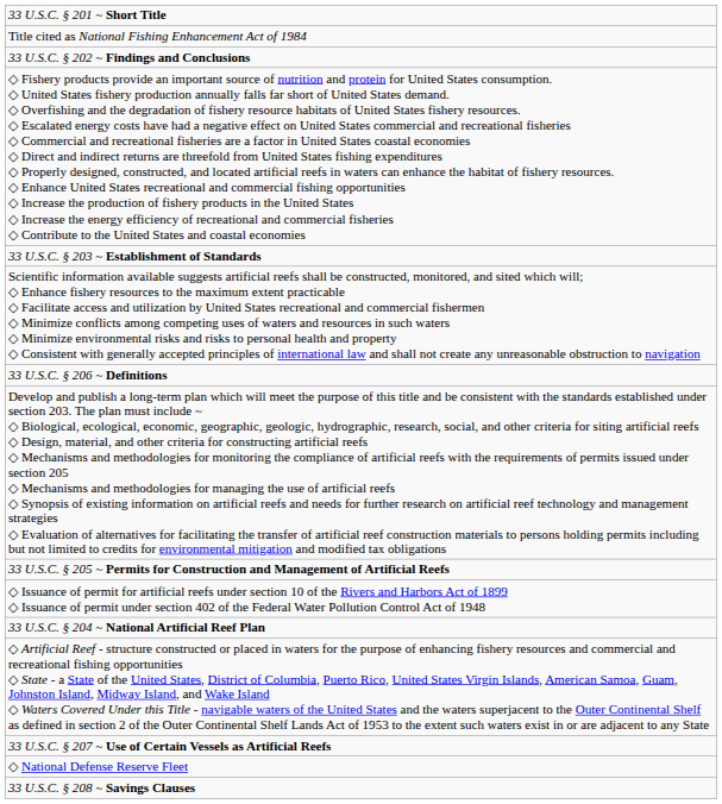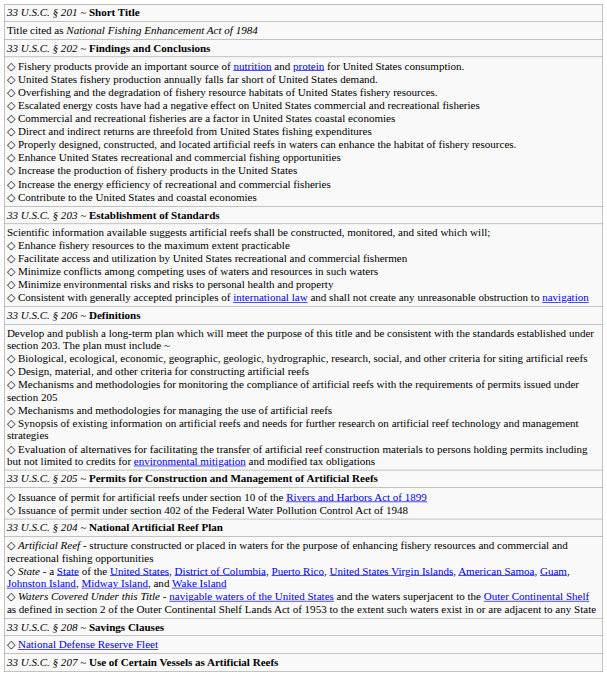 <table class="wikitable">
 <tr>
 <td valign="top"><em>33 U.S.C. § 201 ~</em> <strong>Short Title</strong></td>
 </tr>
 <tr>
 <td>Title cited as <em>National Fishing Enhancement Act of 1984</em></td>
 </tr>
 <tr>
 <td valign="top"><em>33 U.S.C. § 202 ~</em> <strong>Findings and Conclusions</strong></td>
 </tr>
 <tr>
 <td>◇ Fishery products provide an important source of <a href='#'>nutrition</a> and <a href='#'>protein</a> for United States consumption.<br>◇ United States fishery production annually falls far short of United States demand.<br>◇ Overfishing and the degradation of fishery resource habitats of United States fishery resources.<br>◇ Escalated energy costs have had a negative effect on United States commercial and recreational fisheries<br>◇ Commercial and recreational fisheries are a factor in United States coastal economies<br>◇ Direct and indirect returns are threefold from United States fishing expenditures<br>◇ Properly designed, constructed, and located artificial reefs in waters can enhance the habitat of fishery resources.<br>◇ Enhance United States recreational and commercial fishing opportunities<br>◇ Increase the production of fishery products in the United States<br>◇ Increase the energy efficiency of recreational and commercial fisheries<br>◇ Contribute to the United States and coastal economies</td>
 </tr>
 <tr>
 <td valign="top"><em>33 U.S.C. § 203 ~</em> <strong>Establishment of Standards</strong></td>
 </tr>
 <tr>
 <td>Scientific information available suggests artificial reefs shall be constructed, monitored, and sited which will;<br>◇ Enhance fishery resources to the maximum extent practicable<br>◇ Facilitate access and utilization by United States recreational and commercial fishermen<br>◇ Minimize conflicts among competing uses of waters and resources in such waters<br>◇ Minimize environmental risks and risks to personal health and property<br>◇ Consistent with generally accepted principles of <a href='#'>international law</a> and shall not create any unreasonable obstruction to <a href='#'>navigation</a></td>
 </tr>
 <tr>
 <td valign="top"><em>33 U.S.C. § 206 ~</em> <strong>Definitions</strong></td>
 </tr>
 <tr>
 <td>Develop and publish a long-term plan which will meet the purpose of this title and be consistent with the standards established under section 203. The plan must include ~<br>◇ Biological, ecological, economic, geographic, geologic, hydrographic, research, social, and other criteria for siting artificial reefs<br>◇ Design, material, and other criteria for constructing artificial reefs<br>◇ Mechanisms and methodologies for monitoring the compliance of artificial reefs with the requirements of permits issued under section 205<br>◇ Mechanisms and methodologies for managing the use of artificial reefs<br>◇ Synopsis of existing information on artificial reefs and needs for further research on artificial reef technology and management strategies<br>◇ Evaluation of alternatives for facilitating the transfer of artificial reef construction materials to persons holding permits including but not limited to credits for <a href='#'>environmental mitigation</a> and modified tax obligations</td>
 </tr>
 <tr>
 <td valign="top"><em>33 U.S.C. § 205 ~</em> <strong>Permits for Construction and Management of Artificial Reefs</strong></td>
 </tr>
 <tr>
 <td>◇ Issuance of permit for artificial reefs under section 10 of the <a href='#'>Rivers and Harbors Act of 1899</a><br>◇ Issuance of permit under section 402 of the Federal Water Pollution Control Act of 1948</td>
 </tr>
 <tr>
 <td valign="top"><em>33 U.S.C. § 204 ~</em> <strong>National Artificial Reef Plan</strong></td>
 </tr>
 <tr>
 <td>◇ <em>Artificial Reef</em> - structure constructed or placed in waters for the purpose of enhancing fishery resources and commercial and recreational fishing opportunities<br>◇ <em>State</em> - a <a href='#'>State</a> of the <a href='#'>United States</a>, <a href='#'>District of Columbia</a>, <a href='#'>Puerto Rico</a>, <a href='#'>United States Virgin Islands</a>, <a href='#'>American Samoa</a>, <a href='#'>Guam</a>, <a href='#'>Johnston Island</a>, <a href='#'>Midway Island</a>, and <a href='#'>Wake Island</a><br>◇ <em>Waters Covered Under this Title</em> - <a href='#'>navigable waters of the United States</a> and the waters superjacent to the <a href='#'>Outer Continental Shelf</a> as defined in section 2 of the Outer Continental Shelf Lands Act of 1953 to the extent such waters exist in or are adjacent to any State</td>
 </tr>
 <tr>
-<td valign="top"><em>33 U.S.C. § 207 ~</em> <strong>Use of Certain Vessels as Artificial Reefs</strong></td>
+<td valign="top"><em>33 U.S.C. § 208 ~</em> <strong>Savings Clauses</strong></td>
 </tr>
 <tr>
 <td>◇ <a href='#'>National Defense Reserve Fleet</a></td>
 </tr>
 <tr>
-<td valign="top"><em>33 U.S.C. § 208 ~</em> <strong>Savings Clauses</strong></td>
+<td valign="top"><em>33 U.S.C. § 207 ~</em> <strong>Use of Certain Vessels as Artificial Reefs</strong></td>
 </tr>
 </table>
